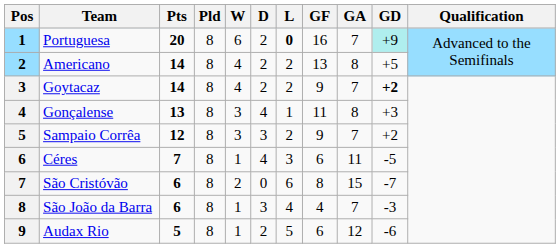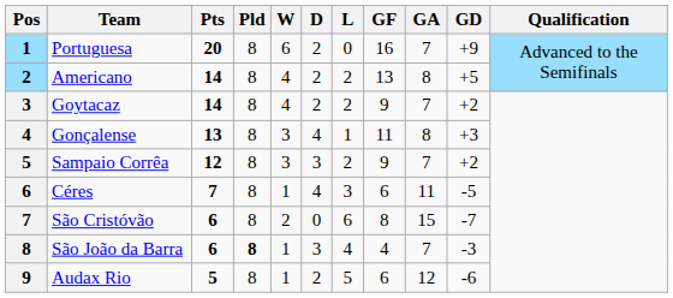 <table class="wikitable" style="text-align:center;">
 <tr bgcolor="#CCDDEE">
 <th width="30">Pos</th>
 <th width="120">Team</th>
 <th width="30">Pts</th>
 <th width="25">Pld</th>
 <th width="20">W</th>
 <th width="20">D</th>
 <th width="20">L</th>
 <th width="30">GF</th>
 <th width="30">GA</th>
 <th width="30">GD</th>
 <th width="150">Qualification</th>
 </tr>
 <tr>
 <td bgcolor="#97DEFF"><strong>1</strong></td>
 <td align="left"><a href='#'>Portuguesa</a></td>
 <td><strong>20</strong></td>
 <td>8</td>
 <td>6</td>
 <td>2</td>
-<td><strong>0</strong></td>
+<td>0</td>
 <td>16</td>
 <td>7</td>
-<td style="background: paleturquoise;">+9</td>
+<td>+9</td>
 <td rowspan="2" bgcolor="#97DEFF">Advanced to the Semifinals</td>
 </tr>
 <tr>
 <td bgcolor="#97DEFF"><strong>2</strong></td>
 <td align="left"><a href='#'>Americano</a></td>
 <td><strong>14</strong></td>
 <td>8</td>
 <td>4</td>
 <td>2</td>
 <td>2</td>
 <td>13</td>
 <td>8</td>
 <td>+5</td>
 </tr>
 <tr>
 <th>3</th>
 <td align="left"><a href='#'>Goytacaz</a></td>
 <td><strong>14</strong></td>
 <td>8</td>
 <td>4</td>
 <td>2</td>
 <td>2</td>
 <td>9</td>
 <td>7</td>
-<td><strong>+2</strong></td>
+<td>+2</td>
 <td rowspan="7"></td>
 </tr>
 <tr>
 <th>4</th>
 <td align="left"><a href='#'>Gonçalense</a></td>
 <td><strong>13</strong></td>
 <td>8</td>
 <td>3</td>
 <td>4</td>
 <td>1</td>
 <td>11</td>
 <td>8</td>
 <td>+3</td>
 </tr>
 <tr>
 <th>5</th>
 <td align="left"><a href='#'>Sampaio Corrêa</a></td>
 <td><strong>12</strong></td>
 <td>8</td>
 <td>3</td>
 <td>3</td>
 <td>2</td>
 <td>9</td>
 <td>7</td>
 <td>+2</td>
 </tr>
 <tr>
 <th>6</th>
 <td align="left"><a href='#'>Céres</a></td>
 <td><strong>7</strong></td>
 <td>8</td>
 <td>1</td>
 <td>4</td>
 <td>3</td>
 <td>6</td>
 <td>11</td>
 <td>-5</td>
 </tr>
 <tr>
 <th>7</th>
 <td align="left"><a href='#'>São Cristóvão</a></td>
 <td><strong>6</strong></td>
 <td>8</td>
 <td>2</td>
 <td>0</td>
 <td>6</td>
 <td>8</td>
 <td>15</td>
 <td>-7</td>
 </tr>
 <tr>
 <th>8</th>
 <td align="left"><a href='#'>São João da Barra</a></td>
 <td><strong>6</strong></td>
-<td>8</td>
+<td><strong>8</strong></td>
 <td>1</td>
 <td>3</td>
 <td>4</td>
 <td>4</td>
 <td>7</td>
 <td>-3</td>
 </tr>
 <tr>
 <th>9</th>
 <td align="left"><a href='#'>Audax Rio</a></td>
 <td><strong>5</strong></td>
 <td>8</td>
 <td>1</td>
 <td>2</td>
 <td>5</td>
 <td>6</td>
 <td>12</td>
 <td>-6</td>
 </tr>
 </table>
